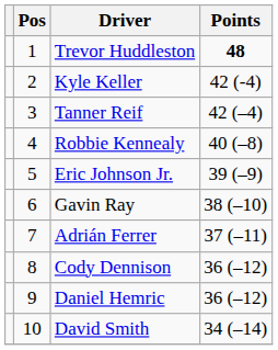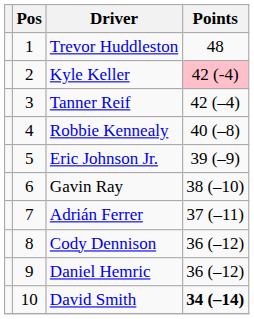 <table class="wikitable" style="font-size: 95%;">
 <tr>
 <th></th>
 <th>Pos</th>
 <th>Driver</th>
 <th>Points</th>
 </tr>
 <tr>
 <td align="left"></td>
 <td style="text-align:center;">1</td>
 <td><a href='#'>Trevor Huddleston</a></td>
-<td style="text-align:center;"><strong>48</strong></td>
+<td style="text-align:center;">48</td>
 </tr>
 <tr>
 <td align="left"></td>
 <td style="text-align:center;">2</td>
 <td><a href='#'>Kyle Keller</a></td>
-<td style="text-align:center;">42 (-4)</td>
+<td style="background: pink; text-align:center;">42 (-4)</td>
 </tr>
 <tr>
 <td align="left"></td>
 <td style="text-align:center;">3</td>
 <td><a href='#'>Tanner Reif</a></td>
 <td style="text-align:center;">42 (–4)</td>
 </tr>
 <tr>
 <td align="left"></td>
 <td style="text-align:center;">4</td>
 <td><a href='#'>Robbie Kennealy</a></td>
 <td style="text-align:center;">40 (–8)</td>
 </tr>
 <tr>
 <td align="left"></td>
 <td style="text-align:center;">5</td>
 <td><a href='#'>Eric Johnson Jr.</a></td>
 <td style="text-align:center;">39 (–9)</td>
 </tr>
 <tr>
 <td align="left"></td>
 <td style="text-align:center;">6</td>
 <td>Gavin Ray</td>
 <td style="text-align:center;">38 (–10)</td>
 </tr>
 <tr>
 <td align="left"></td>
 <td style="text-align:center;">7</td>
 <td><a href='#'>Adrián Ferrer</a></td>
 <td style="text-align:center;">37 (–11)</td>
 </tr>
 <tr>
 <td align="left"></td>
 <td style="text-align:center;">8</td>
 <td><a href='#'>Cody Dennison</a></td>
 <td style="text-align:center;">36 (–12)</td>
 </tr>
 <tr>
 <td align="left"></td>
 <td style="text-align:center;">9</td>
 <td><a href='#'>Daniel Hemric</a></td>
 <td style="text-align:center;">36 (–12)</td>
 </tr>
 <tr>
 <td align="left"></td>
 <td style="text-align:center;">10</td>
 <td><a href='#'>David Smith</a></td>
-<td style="text-align:center;">34 (–14)</td>
+<td style="text-align:center;"><strong>34 (–14)</strong></td>
 </tr>
 <tr class="sortbottom">
 </tr>
 </table>
